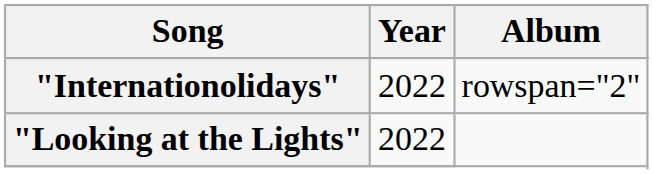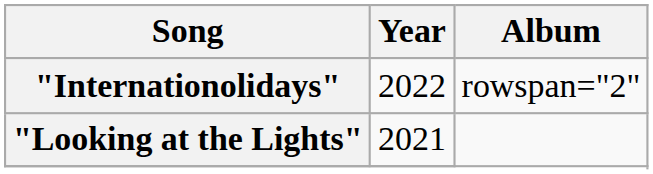 <table class="wikitable plainrowheaders" style="text-align:center;">
 <tr>
 <th>Song</th>
 <th>Year</th>
 <th>Album</th>
 </tr>
 <tr>
 <th scope="row">"Internationolidays"<br></th>
 <td>2022</td>
 <td>rowspan="2" </td>
 </tr>
 <tr>
 <th scope="row">"Looking at the Lights"<br></th>
-<td>2022</td>
+<td>2021</td>
 </tr>
 <tr>
 </tr>
 </table>
